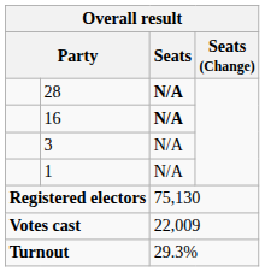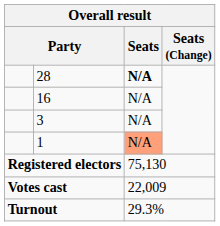 <table class="wikitable" border="1">
 <tr>
 <th colspan="4">Overall result</th>
 </tr>
 <tr>
 <th colspan="2">Party</th>
 <th>Seats</th>
 <th>Seats<br><small>(Change)</small></th>
 </tr>
 <tr>
 <td></td>
 <td>28</td>
 <td><strong>N/A</strong></td>
 </tr>
 <tr>
 <td></td>
 <td>16</td>
-<td><strong>N/A</strong></td>
+<td>N/A</td>
 </tr>
 <tr>
 <td></td>
 <td>3</td>
 <td>N/A</td>
 </tr>
 <tr>
 <td></td>
 <td>1</td>
-<td>N/A</td>
+<td style="background: lightsalmon;">N/A</td>
 </tr>
 <tr>
 <td colspan="2"><strong>Registered electors</strong></td>
 <td colspan="2">75,130</td>
 </tr>
 <tr>
 <td colspan="2"><strong>Votes cast</strong></td>
 <td colspan="2">22,009</td>
 </tr>
 <tr>
 <td colspan="2"><strong>Turnout</strong></td>
 <td colspan="2">29.3%</td>
 </tr>
 </table>
